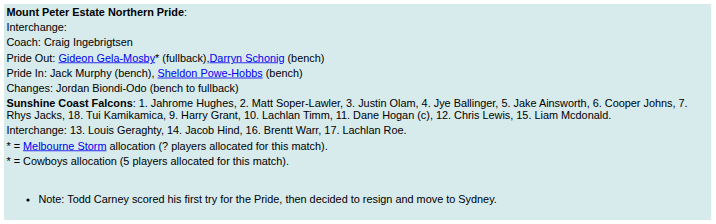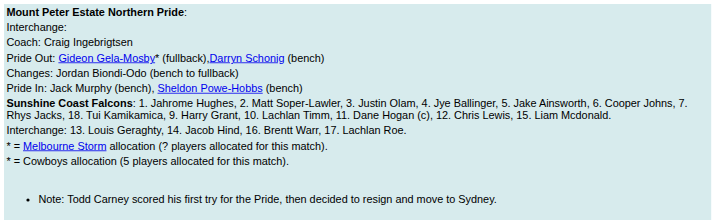 <table style="background:#d7ebed; font-size:85%; width:100%;">
 <tr>
 <td><strong>Mount Peter Estate Northern Pride</strong>:             </td>
 </tr>
 <tr>
 <td>Interchange:    </td>
 </tr>
 <tr>
 <td>Coach: Craig Ingebrigtsen</td>
 </tr>
 <tr>
 <td>Pride Out: <a href='#'>Gideon Gela-Mosby</a>* (fullback),<a href='#'>Darryn Schonig</a> (bench)</td>
 </tr>
 <tr>
-<td>Pride In: Jack Murphy (bench), <a href='#'>Sheldon Powe-Hobbs</a> (bench)</td>
+<td>Changes: Jordan Biondi-Odo (bench to fullback)</td>
 </tr>
 <tr>
-<td>Changes: Jordan Biondi-Odo (bench to fullback)</td>
+<td>Pride In: Jack Murphy (bench), <a href='#'>Sheldon Powe-Hobbs</a> (bench)</td>
 </tr>
 <tr>
 <td><strong>Sunshine Coast Falcons</strong>: 1. Jahrome Hughes, 2. Matt Soper-Lawler, 3. Justin Olam, 4. Jye Ballinger, 5. Jake Ainsworth, 6. Cooper Johns, 7. Rhys Jacks, 18. Tui Kamikamica, 9. Harry Grant, 10. Lachlan Timm, 11. Dane Hogan (c), 12. Chris Lewis, 15. Liam Mcdonald.</td>
 </tr>
 <tr>
 <td>Interchange: 13. Louis Geraghty, 14. Jacob Hind, 16. Brentt Warr, 17. Lachlan Roe.</td>
 </tr>
 <tr>
 <td>* = <a href='#'>Melbourne Storm</a> allocation (? players allocated for this match).</td>
 </tr>
 <tr>
 <td>* = Cowboys allocation (5 players allocated for this match).</td>
 </tr>
 <tr>
 <td><br><ul><li>Note: Todd Carney scored his first try for the Pride, then decided to resign and move to Sydney.</li></ul></td>
 </tr>
 <tr>
 </tr>
 </table>
